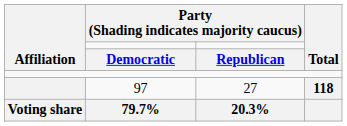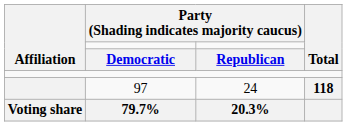 <table class=wikitable style="text-align:center">
 <tr style="vertical-align:bottom;">
 <th rowspan=3>Affiliation</th>
 <th colspan=2>Party <div>(Shading indicates majority caucus)</div></th>
 <th rowspan=3>Total</th>
 </tr>
 <tr style="height:5px">
 <td style="background-color:"></td>
 <td style="background-color:"></td>
 </tr>
 <tr>
 <th><a href='#'>Democratic</a></th>
 <th><a href='#'>Republican</a></th>
 </tr>
 <tr>
 <td colspan=5></td>
 </tr>
 <tr>
 <th nowrap style="font-size:80%"></th>
 <td>97</td>
-<td>27</td>
+<td>24</td>
 <th>118</th>
 </tr>
 <tr>
 <th>Voting share</th>
 <th>79.7%</th>
 <th>20.3%</th>
 <th colspan=2></th>
 </tr>
 </table>
